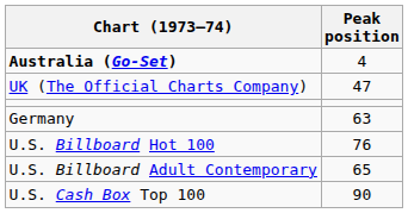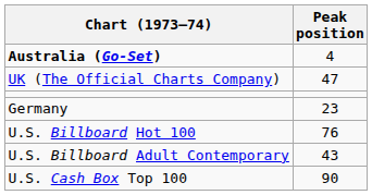 <table class="wikitable sortable">
 <tr>
 <th align="left">Chart (1973–74)</th>
 <th align="left">Peak<br>position</th>
 </tr>
 <tr>
 <td><strong>Australia (<em><a href='#'>Go-Set</a></em>)</strong></td>
 <td style="text-align:center;">4</td>
 </tr>
 <tr>
 <td><a href='#'>UK</a> (<a href='#'>The Official Charts Company</a>)</td>
 <td align="center">47</td>
 </tr>
 <tr>
 <td></td>
 </tr>
 <tr>
 <td>Germany </td>
-<td style="text-align:center;">63</td>
+<td style="text-align:center;">23</td>
 </tr>
 <tr>
 <td>U.S. <em><a href='#'>Billboard</a></em> <a href='#'>Hot 100</a></td>
 <td style="text-align:center;">76</td>
 </tr>
 <tr>
 <td>U.S. <em>Billboard</em> <a href='#'>Adult Contemporary</a></td>
-<td style="text-align:center;">65</td>
+<td style="text-align:center;">43</td>
 </tr>
 <tr>
 <td>U.S. <em><a href='#'>Cash Box</a></em> Top 100</td>
 <td style="text-align:center;">90</td>
 </tr>
 <tr>
 </tr>
 </table>
